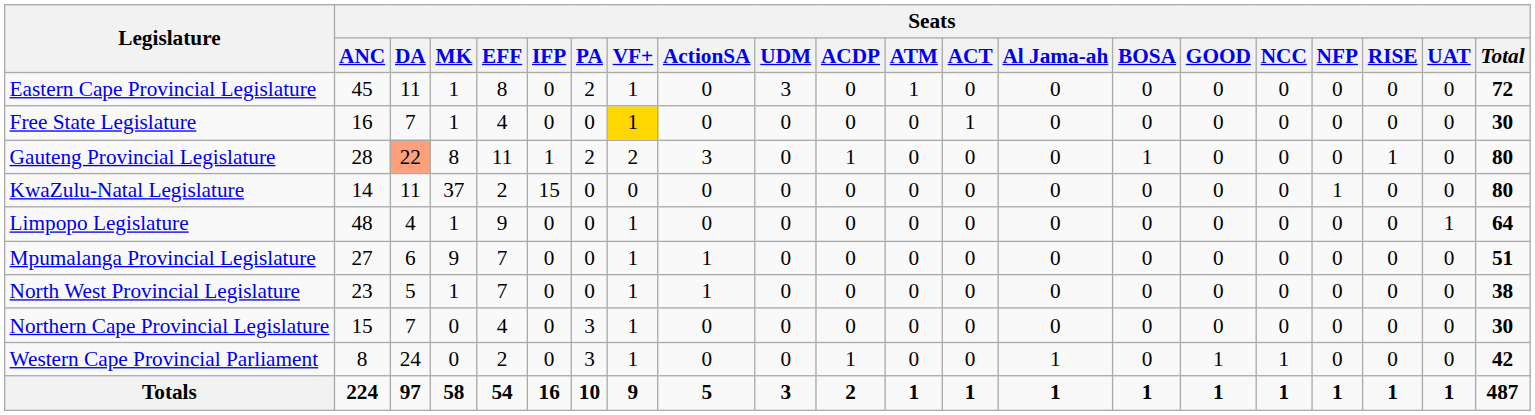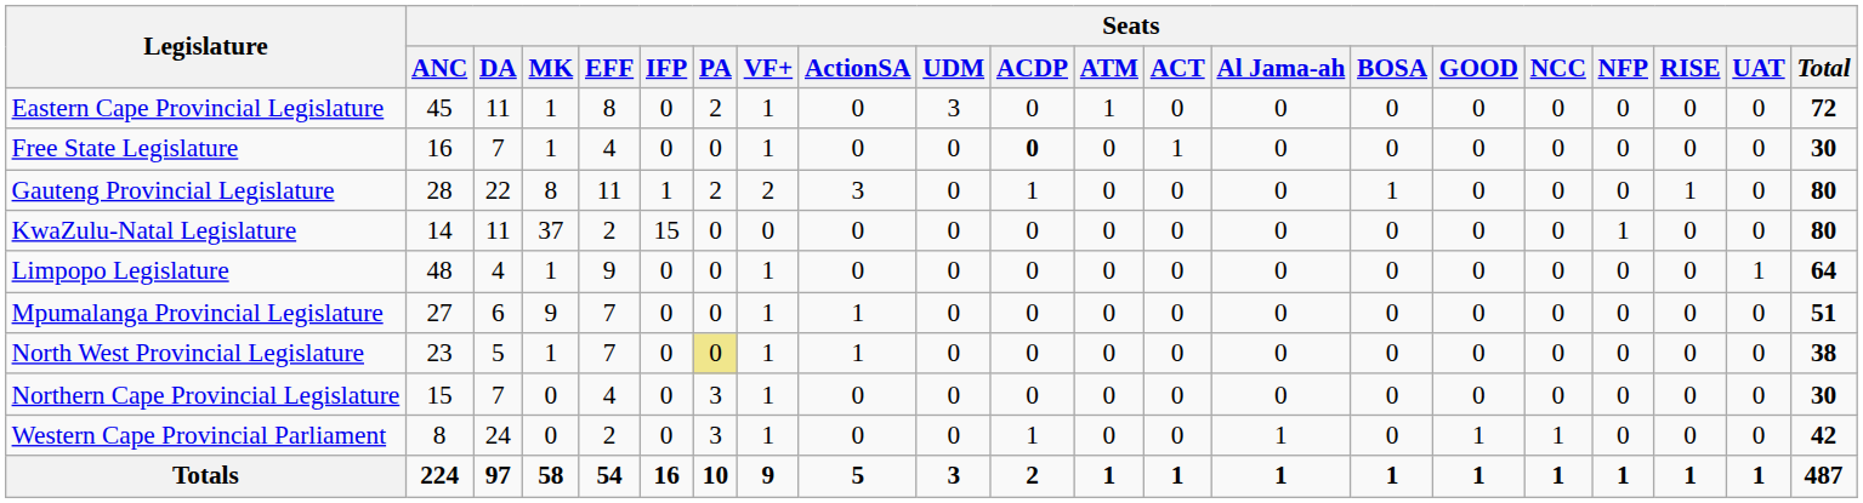 <table class="wikitable">
 <tr>
 <th rowspan="2">Legislature</th>
 <th colspan="20">Seats</th>
 </tr>
 <tr>
 <th><a href='#'>ANC</a></th>
 <th><a href='#'>DA</a></th>
 <th><a href='#'>MK</a></th>
 <th><a href='#'>EFF</a></th>
 <th><a href='#'>IFP</a></th>
 <th><a href='#'>PA</a></th>
 <th><a href='#'>VF+</a></th>
 <th><a href='#'>ActionSA</a></th>
 <th><a href='#'>UDM</a></th>
 <th><a href='#'>ACDP</a></th>
 <th><a href='#'>ATM</a></th>
 <th><a href='#'>ACT</a></th>
 <th><a href='#'>Al Jama-ah</a></th>
 <th><a href='#'>BOSA</a></th>
 <th><a href='#'>GOOD</a></th>
 <th><a href='#'>NCC</a></th>
 <th><a href='#'>NFP</a></th>
 <th><a href='#'>RISE</a></th>
 <th><a href='#'>UAT</a></th>
 <th><em>Total</em></th>
 </tr>
 <tr>
 <td><a href='#'>Eastern Cape Provincial Legislature</a></td>
 <td style="text-align:center;">45</td>
 <td style="text-align:center;">11</td>
 <td style="text-align:center;">1</td>
 <td style="text-align:center;">8</td>
 <td style="text-align:center;">0</td>
 <td style="text-align:center;">2</td>
 <td style="text-align:center;">1</td>
 <td style="text-align:center;">0</td>
 <td style="text-align:center;">3</td>
 <td style="text-align:center;">0</td>
 <td style="text-align:center;">1</td>
 <td style="text-align:center;">0</td>
 <td style="text-align:center;">0</td>
 <td style="text-align:center;">0</td>
 <td style="text-align:center;">0</td>
 <td style="text-align:center;">0</td>
 <td style="text-align:center;">0</td>
 <td style="text-align:center;">0</td>
 <td style="text-align:center;">0</td>
 <td style="text-align:center;"><strong>72</strong></td>
 </tr>
 <tr>
 <td><a href='#'>Free State Legislature</a></td>
 <td style="text-align:center;">16</td>
 <td style="text-align:center;">7</td>
 <td style="text-align:center;">1</td>
 <td style="text-align:center;">4</td>
 <td style="text-align:center;">0</td>
 <td style="text-align:center;">0</td>
-<td style="background: gold; text-align:center;">1</td>
+<td style="text-align:center;">1</td>
 <td style="text-align:center;">0</td>
 <td style="text-align:center;">0</td>
-<td style="text-align:center;">0</td>
+<td style="text-align:center;"><strong>0</strong></td>
 <td style="text-align:center;">0</td>
 <td style="text-align:center;">1</td>
 <td style="text-align:center;">0</td>
 <td style="text-align:center;">0</td>
 <td style="text-align:center;">0</td>
 <td style="text-align:center;">0</td>
 <td style="text-align:center;">0</td>
 <td style="text-align:center;">0</td>
 <td style="text-align:center;">0</td>
 <td style="text-align:center;"><strong>30</strong></td>
 </tr>
 <tr>
 <td><a href='#'>Gauteng Provincial Legislature</a></td>
 <td style="text-align:center;">28</td>
-<td style="background: lightsalmon; text-align:center;">22</td>
+<td style="text-align:center;">22</td>
 <td style="text-align:center;">8</td>
 <td style="text-align:center;">11</td>
 <td style="text-align:center;">1</td>
 <td style="text-align:center;">2</td>
 <td style="text-align:center;">2</td>
 <td style="text-align:center;">3</td>
 <td style="text-align:center;">0</td>
 <td style="text-align:center;">1</td>
 <td style="text-align:center;">0</td>
 <td style="text-align:center;">0</td>
 <td style="text-align:center;">0</td>
 <td style="text-align:center;">1</td>
 <td style="text-align:center;">0</td>
 <td style="text-align:center;">0</td>
 <td style="text-align:center;">0</td>
 <td style="text-align:center;">1</td>
 <td style="text-align:center;">0</td>
 <td style="text-align:center;"><strong>80</strong></td>
 </tr>
 <tr>
 <td><a href='#'>KwaZulu-Natal Legislature</a></td>
 <td style="text-align:center;">14</td>
 <td style="text-align:center;">11</td>
 <td style="text-align:center;">37</td>
 <td style="text-align:center;">2</td>
 <td style="text-align:center;">15</td>
 <td style="text-align:center;">0</td>
 <td style="text-align:center;">0</td>
 <td style="text-align:center;">0</td>
 <td style="text-align:center;">0</td>
 <td style="text-align:center;">0</td>
 <td style="text-align:center;">0</td>
 <td style="text-align:center;">0</td>
 <td style="text-align:center;">0</td>
 <td style="text-align:center;">0</td>
 <td style="text-align:center;">0</td>
 <td style="text-align:center;">0</td>
 <td style="text-align:center;">1</td>
 <td style="text-align:center;">0</td>
 <td style="text-align:center;">0</td>
 <td style="text-align:center;"><strong>80</strong></td>
 </tr>
 <tr>
 <td><a href='#'>Limpopo Legislature</a></td>
 <td style="text-align:center;">48</td>
 <td style="text-align:center;">4</td>
 <td style="text-align:center;">1</td>
 <td style="text-align:center;">9</td>
 <td style="text-align:center;">0</td>
 <td style="text-align:center;">0</td>
 <td style="text-align:center;">1</td>
 <td style="text-align:center;">0</td>
 <td style="text-align:center;">0</td>
 <td style="text-align:center;">0</td>
 <td style="text-align:center;">0</td>
 <td style="text-align:center;">0</td>
 <td style="text-align:center;">0</td>
 <td style="text-align:center;">0</td>
 <td style="text-align:center;">0</td>
 <td style="text-align:center;">0</td>
 <td style="text-align:center;">0</td>
 <td style="text-align:center;">0</td>
 <td style="text-align:center;">1</td>
 <td style="text-align:center;"><strong>64</strong></td>
 </tr>
 <tr>
 <td><a href='#'>Mpumalanga Provincial Legislature</a></td>
 <td style="text-align:center;">27</td>
 <td style="text-align:center;">6</td>
 <td style="text-align:center;">9</td>
 <td style="text-align:center;">7</td>
 <td style="text-align:center;">0</td>
 <td style="text-align:center;">0</td>
 <td style="text-align:center;">1</td>
 <td style="text-align:center;">1</td>
 <td style="text-align:center;">0</td>
 <td style="text-align:center;">0</td>
 <td style="text-align:center;">0</td>
 <td style="text-align:center;">0</td>
 <td style="text-align:center;">0</td>
 <td style="text-align:center;">0</td>
 <td style="text-align:center;">0</td>
 <td style="text-align:center;">0</td>
 <td style="text-align:center;">0</td>
 <td style="text-align:center;">0</td>
 <td style="text-align:center;">0</td>
 <td style="text-align:center;"><strong>51</strong></td>
 </tr>
 <tr>
 <td><a href='#'>North West Provincial Legislature</a></td>
 <td style="text-align:center;">23</td>
 <td style="text-align:center;">5</td>
 <td style="text-align:center;">1</td>
 <td style="text-align:center;">7</td>
 <td style="text-align:center;">0</td>
-<td style="text-align:center;">0</td>
+<td style="background: khaki; text-align:center;">0</td>
 <td style="text-align:center;">1</td>
 <td style="text-align:center;">1</td>
 <td style="text-align:center;">0</td>
 <td style="text-align:center;">0</td>
 <td style="text-align:center;">0</td>
 <td style="text-align:center;">0</td>
 <td style="text-align:center;">0</td>
 <td style="text-align:center;">0</td>
 <td style="text-align:center;">0</td>
 <td style="text-align:center;">0</td>
 <td style="text-align:center;">0</td>
 <td style="text-align:center;">0</td>
 <td style="text-align:center;">0</td>
 <td style="text-align:center;"><strong>38</strong></td>
 </tr>
 <tr>
 <td><a href='#'>Northern Cape Provincial Legislature</a></td>
 <td style="text-align:center;">15</td>
 <td style="text-align:center;">7</td>
 <td style="text-align:center;">0</td>
 <td style="text-align:center;">4</td>
 <td style="text-align:center;">0</td>
 <td style="text-align:center;">3</td>
 <td style="text-align:center;">1</td>
 <td style="text-align:center;">0</td>
 <td style="text-align:center;">0</td>
 <td style="text-align:center;">0</td>
 <td style="text-align:center;">0</td>
 <td style="text-align:center;">0</td>
 <td style="text-align:center;">0</td>
 <td style="text-align:center;">0</td>
 <td style="text-align:center;">0</td>
 <td style="text-align:center;">0</td>
 <td style="text-align:center;">0</td>
 <td style="text-align:center;">0</td>
 <td style="text-align:center;">0</td>
 <td style="text-align:center;"><strong>30</strong></td>
 </tr>
 <tr>
 <td><a href='#'>Western Cape Provincial Parliament</a></td>
 <td style="text-align:center;">8</td>
 <td style="text-align:center;">24</td>
 <td style="text-align:center;">0</td>
 <td style="text-align:center;">2</td>
 <td style="text-align:center;">0</td>
 <td style="text-align:center;">3</td>
 <td style="text-align:center;">1</td>
 <td style="text-align:center;">0</td>
 <td style="text-align:center;">0</td>
 <td style="text-align:center;">1</td>
 <td style="text-align:center;">0</td>
 <td style="text-align:center;">0</td>
 <td style="text-align:center;">1</td>
 <td style="text-align:center;">0</td>
 <td style="text-align:center;">1</td>
 <td style="text-align:center;">1</td>
 <td style="text-align:center;">0</td>
 <td style="text-align:center;">0</td>
 <td style="text-align:center;">0</td>
 <td style="text-align:center;"><strong>42</strong></td>
 </tr>
 <tr>
 <th><strong>Totals</strong></th>
 <td style="text-align:center;"><strong>224</strong></td>
 <td style="text-align:center;"><strong>97</strong></td>
 <td style="text-align:center;"><strong>58</strong></td>
 <td style="text-align:center;"><strong>54</strong></td>
 <td style="text-align:center;"><strong>16</strong></td>
 <td style="text-align:center;"><strong>10</strong></td>
 <td style="text-align:center;"><strong>9</strong></td>
 <td style="text-align:center;"><strong>5</strong></td>
 <td style="text-align:center;"><strong>3</strong></td>
 <td style="text-align:center;"><strong>2</strong></td>
 <td style="text-align:center;"><strong>1</strong></td>
 <td style="text-align:center;"><strong>1</strong></td>
 <td style="text-align:center;"><strong>1</strong></td>
 <td style="text-align:center;"><strong>1</strong></td>
 <td style="text-align:center;"><strong>1</strong></td>
 <td style="text-align:center;"><strong>1</strong></td>
 <td style="text-align:center;"><strong>1</strong></td>
 <td style="text-align:center;"><strong>1</strong></td>
 <td style="text-align:center;"><strong>1</strong></td>
 <td style="text-align:center;"><strong>487</strong></td>
 </tr>
 </table>
